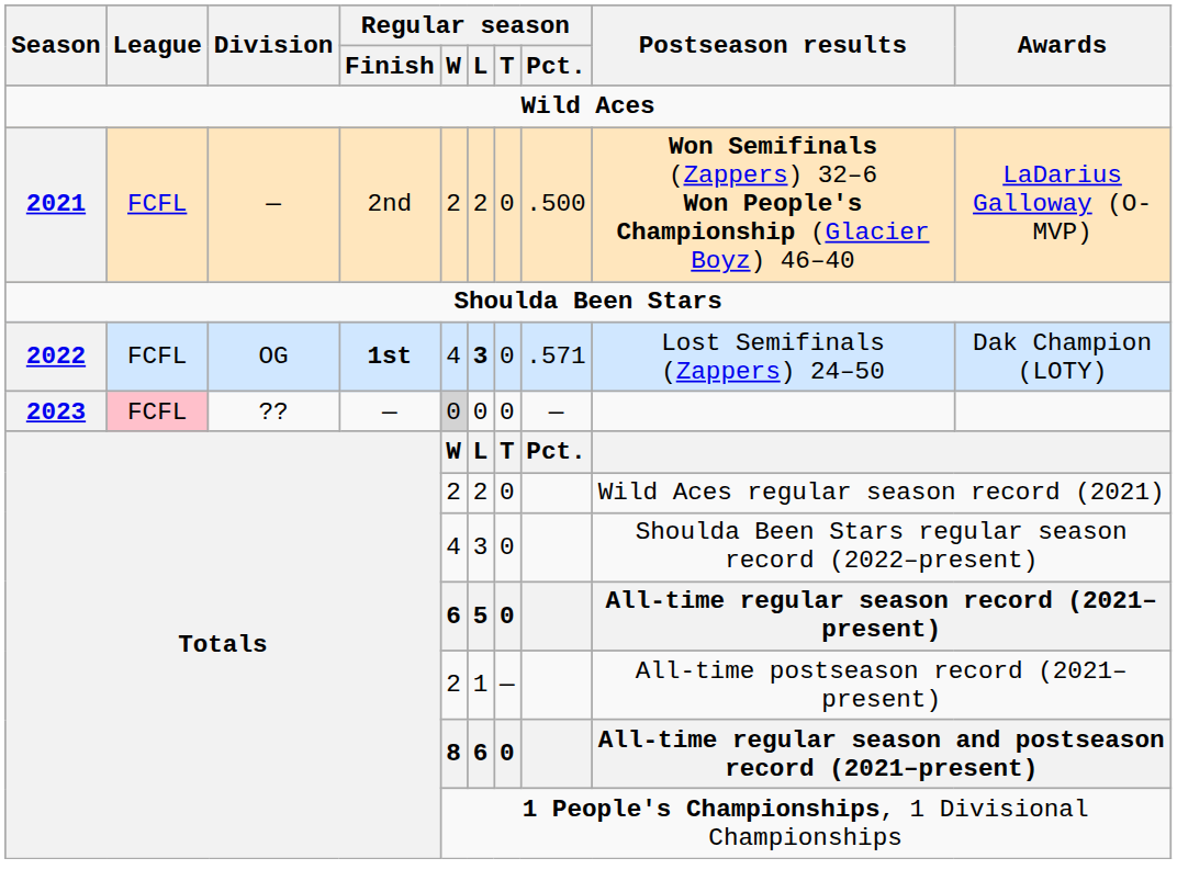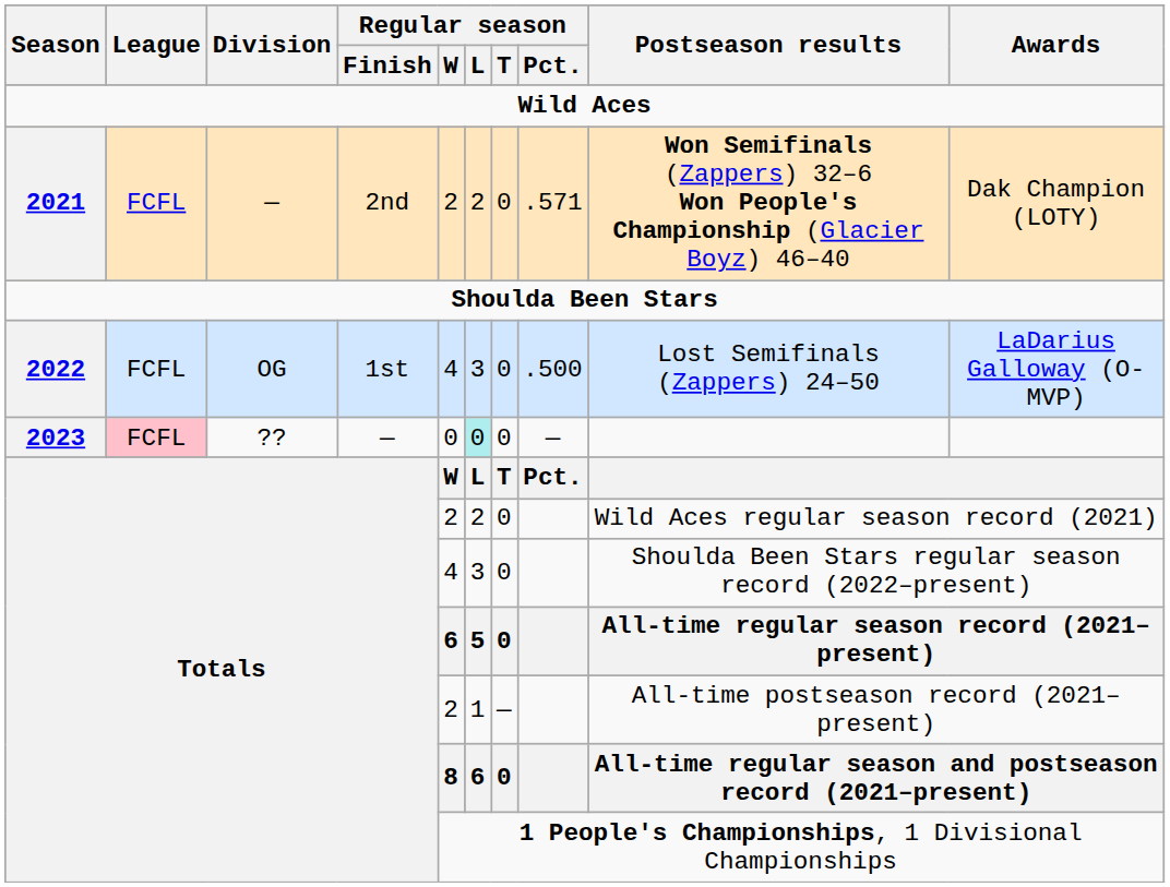 <table class="wikitable" style="text-align:center">
 <tr>
 <th rowspan="2">Season</th>
 <th rowspan="2">League</th>
 <th rowspan="2">Division</th>
 <th colspan="5">Regular season</th>
 <th rowspan="2">Postseason results</th>
 <th rowspan="2">Awards</th>
 </tr>
 <tr>
 <th>Finish</th>
 <th>W</th>
 <th>L</th>
 <th>T</th>
 <th>Pct.</th>
 </tr>
 <tr>
 <td colspan="15"><strong>Wild Aces</strong></td>
 </tr>
 <tr style="background:#FFE6BD;">
 <th><a href='#'>2021</a></th>
 <td><a href='#'>FCFL</a></td>
 <td>—</td>
 <td>2nd</td>
 <td>2</td>
 <td>2</td>
 <td>0</td>
-<td>.500</td>
+<td>.571</td>
 <td><strong>Won Semifinals</strong> (<a href='#'>Zappers</a>) 32–6 <br> <strong>Won People's Championship</strong> (<a href='#'>Glacier Boyz</a>) 46–40</td>
-<td><a href='#'>LaDarius Galloway</a> (O-MVP)</td>
+<td>Dak Champion (LOTY)</td>
 </tr>
 <tr>
 <td colspan="15"><strong>Shoulda Been Stars</strong></td>
 </tr>
 <tr style="background:#d0e7ff;">
 <th><a href='#'>2022</a></th>
 <td>FCFL</td>
 <td style="background:#d0e7ff;">OG</td>
-<td style="background:#d0e7ff;"><strong>1st</strong></td>
+<td style="background:#d0e7ff;">1st</td>
 <td>4</td>
-<td><strong>3</strong></td>
+<td>3</td>
 <td>0</td>
-<td>.571</td>
+<td>.500</td>
 <td>Lost Semifinals (<a href='#'>Zappers</a>) 24–50</td>
-<td>Dak Champion (LOTY)</td>
+<td><a href='#'>LaDarius Galloway</a> (O-MVP)</td>
 </tr>
 <tr>
 <th><a href='#'>2023</a></th>
 <td style="background: pink;">FCFL</td>
 <td>??</td>
 <td>—</td>
-<td style="background: lightgrey;">0</td>
 <td>0</td>
+<td style="background: paleturquoise;">0</td>
 <td>0</td>
 <td>—</td>
 <td></td>
 <td></td>
 </tr>
 <tr>
 <th rowspan="7" colspan="4">Totals</th>
 <th>W</th>
 <th>L</th>
 <th>T</th>
 <th>Pct.</th>
 <th colspan="5"></th>
 </tr>
 <tr>
 <td>2</td>
 <td>2</td>
 <td>0</td>
 <td></td>
 <td colspan="5">Wild Aces regular season record (2021)</td>
 </tr>
 <tr>
 <td>4</td>
 <td>3</td>
 <td>0</td>
 <td></td>
 <td colspan="5">Shoulda Been Stars regular season record (2022–present)</td>
 </tr>
 <tr>
 <th>6</th>
 <th>5</th>
 <th>0</th>
 <th></th>
 <th colspan="5">All-time regular season record (2021–present)</th>
 </tr>
 <tr>
 <td>2</td>
 <td>1</td>
 <td>—</td>
 <td></td>
 <td colspan="5">All-time postseason record (2021–present)</td>
 </tr>
 <tr>
 <th>8</th>
 <th>6</th>
 <th>0</th>
 <th></th>
 <th colspan="5">All-time regular season and postseason record (2021–present)</th>
 </tr>
 <tr>
 <td colspan="9"><strong>1 People's Championships</strong>, 1 Divisional Championships</td>
 </tr>
 </table>
